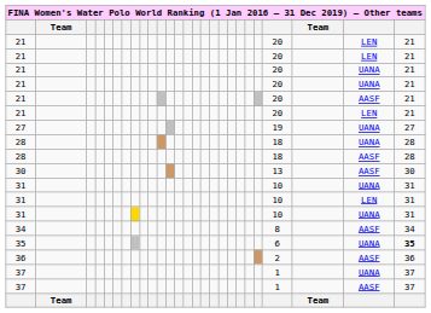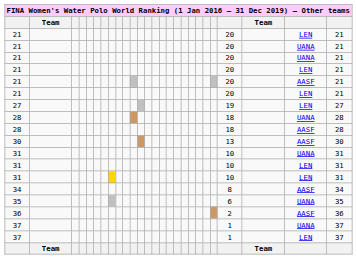 <table class="wikitable mw-collapsible autocollapse" style="text-align: center; font-size: 75%; margin-left: 1em;">
 <tr>
 <th colspan="26" style="background-color: #ffccff;">FINA Women's Water Polo World Ranking (1 Jan 2016 – 31 Dec 2019) – Other teams</th>
 </tr>
 <tr>
 <th></th>
 <th>Team</th>
 <th><a href='#'></a></th>
 <th><a href='#'></a></th>
 <th><a href='#'></a></th>
 <th><a href='#'></a></th>
 <th><a href='#'></a></th>
 <th></th>
 <th><a href='#'></a></th>
 <th><a href='#'></a></th>
 <th><a href='#'></a></th>
 <th></th>
 <th><a href='#'></a></th>
 <th><a href='#'></a></th>
 <th><a href='#'></a></th>
 <th><a href='#'></a></th>
 <th><a href='#'></a></th>
 <th><a href='#'></a></th>
 <th><a href='#'></a></th>
 <th><a href='#'></a></th>
 <th><a href='#'></a></th>
 <th><a href='#'></a></th>
 <th></th>
 <th>Team</th>
 <th></th>
 <th></th>
-</tr>
-<tr>
-<td>21</td>
-<td style="text-align: left;"></td>
-<td></td>
-<td></td>
-<td></td>
-<td></td>
-<td></td>
-<td></td>
-<td></td>
-<td></td>
-<td></td>
-<td></td>
-<td></td>
-<td></td>
-<td></td>
-<td></td>
-<td></td>
-<td></td>
-<td></td>
-<td></td>
-<td></td>
-<td></td>
-<td>20</td>
-<td style="text-align: left;"></td>
-<td><a href='#'>LEN</a></td>
-<td>21</td>
 </tr>
 <tr>
 <td>21</td>
 <td style="text-align: left;"></td>
 <td></td>
 <td></td>
 <td></td>
 <td></td>
 <td></td>
 <td></td>
 <td></td>
 <td></td>
 <td></td>
 <td></td>
 <td></td>
 <td></td>
 <td></td>
 <td></td>
 <td></td>
 <td></td>
 <td></td>
 <td></td>
 <td></td>
 <td></td>
 <td>20</td>
 <td style="text-align: left;"></td>
 <td><a href='#'>LEN</a></td>
 <td>21</td>
 </tr>
 <tr>
 <td>21</td>
 <td style="text-align: left;"></td>
 <td></td>
 <td></td>
 <td></td>
 <td></td>
 <td></td>
 <td></td>
 <td></td>
 <td></td>
 <td></td>
 <td></td>
 <td></td>
 <td></td>
 <td></td>
 <td></td>
 <td></td>
 <td></td>
 <td></td>
 <td></td>
 <td></td>
 <td></td>
 <td>20</td>
 <td style="text-align: left;"></td>
 <td><a href='#'>UANA</a></td>
 <td>21</td>
 </tr>
 <tr>
 <td>21</td>
 <td style="text-align: left;"></td>
 <td></td>
 <td></td>
 <td></td>
 <td></td>
 <td></td>
 <td></td>
 <td></td>
 <td></td>
 <td></td>
 <td></td>
 <td></td>
 <td></td>
 <td></td>
 <td></td>
 <td></td>
 <td></td>
 <td></td>
 <td></td>
 <td></td>
 <td></td>
 <td>20</td>
 <td style="text-align: left;"></td>
 <td><a href='#'>UANA</a></td>
 <td>21</td>
 </tr>
 <tr>
 <td>21</td>
 <td style="text-align: left;"></td>
 <td></td>
 <td></td>
 <td></td>
 <td></td>
 <td></td>
 <td></td>
 <td></td>
 <td></td>
+<td></td>
+<td></td>
+<td></td>
+<td></td>
+<td></td>
+<td></td>
+<td></td>
+<td></td>
+<td></td>
+<td></td>
+<td></td>
+<td></td>
+<td>20</td>
+<td style="text-align: left;"></td>
+<td><a href='#'>LEN</a></td>
+<td>21</td>
+</tr>
+<tr>
+<td>21</td>
+<td style="text-align: left;"></td>
+<td></td>
+<td></td>
+<td></td>
+<td></td>
+<td></td>
+<td></td>
+<td></td>
+<td></td>
 <td style="background-color: silver;"></td>
 <td></td>
 <td></td>
 <td></td>
 <td></td>
 <td></td>
 <td></td>
 <td></td>
 <td></td>
 <td></td>
 <td></td>
 <td style="background-color: silver;"></td>
 <td>20</td>
 <td style="text-align: left;"></td>
 <td><a href='#'>AASF</a></td>
 <td>21</td>
 </tr>
 <tr>
 <td>21</td>
 <td style="text-align: left;"></td>
 <td></td>
 <td></td>
 <td></td>
 <td></td>
 <td></td>
 <td></td>
 <td></td>
 <td></td>
 <td></td>
 <td></td>
 <td></td>
 <td></td>
 <td></td>
 <td></td>
 <td></td>
 <td></td>
 <td></td>
 <td></td>
 <td></td>
 <td></td>
 <td>20</td>
 <td style="text-align: left;"></td>
 <td><a href='#'>LEN</a></td>
 <td>21</td>
 </tr>
 <tr>
 <td>27</td>
 <td style="text-align: left;"></td>
 <td></td>
 <td></td>
 <td></td>
 <td></td>
 <td></td>
 <td></td>
 <td></td>
 <td></td>
 <td></td>
 <td style="background-color: silver;"></td>
 <td></td>
 <td></td>
 <td></td>
 <td></td>
 <td></td>
 <td></td>
 <td></td>
 <td></td>
 <td></td>
 <td></td>
 <td>19</td>
 <td style="text-align: left;"></td>
-<td><a href='#'>UANA</a></td>
+<td><a href='#'>LEN</a></td>
 <td>27</td>
 </tr>
 <tr>
 <td>28</td>
 <td style="text-align: left;"></td>
 <td></td>
 <td></td>
 <td></td>
 <td></td>
 <td></td>
 <td></td>
 <td></td>
 <td></td>
 <td style="background-color: #cc9966;"></td>
 <td></td>
 <td></td>
 <td></td>
 <td></td>
 <td></td>
 <td></td>
 <td></td>
 <td></td>
 <td></td>
 <td></td>
 <td></td>
 <td>18</td>
 <td style="text-align: left;"></td>
 <td><a href='#'>UANA</a></td>
 <td>28</td>
 </tr>
 <tr>
 <td>28</td>
 <td style="text-align: left;"></td>
 <td></td>
 <td></td>
 <td></td>
 <td></td>
 <td></td>
 <td></td>
 <td></td>
 <td></td>
 <td></td>
 <td></td>
 <td></td>
 <td></td>
 <td></td>
 <td></td>
 <td></td>
 <td></td>
 <td></td>
 <td></td>
 <td></td>
 <td></td>
 <td>18</td>
 <td style="text-align: left;"></td>
 <td><a href='#'>AASF</a></td>
 <td>28</td>
 </tr>
 <tr>
 <td>30</td>
 <td style="text-align: left;"></td>
 <td></td>
 <td></td>
 <td></td>
 <td></td>
 <td></td>
 <td></td>
 <td></td>
 <td></td>
 <td></td>
 <td style="background-color: #cc9966;"></td>
 <td></td>
 <td></td>
 <td></td>
 <td></td>
 <td></td>
 <td></td>
 <td></td>
 <td></td>
 <td></td>
 <td></td>
 <td>13</td>
 <td style="text-align: left;"></td>
 <td><a href='#'>AASF</a></td>
 <td>30</td>
 </tr>
 <tr>
 <td>31</td>
 <td style="text-align: left;"></td>
 <td></td>
 <td></td>
 <td></td>
 <td></td>
 <td></td>
 <td></td>
 <td></td>
 <td></td>
 <td></td>
 <td></td>
 <td></td>
 <td></td>
 <td></td>
 <td></td>
 <td></td>
 <td></td>
 <td></td>
 <td></td>
 <td></td>
 <td></td>
 <td>10</td>
 <td style="text-align: left;"></td>
 <td><a href='#'>UANA</a></td>
 <td>31</td>
 </tr>
 <tr>
 <td>31</td>
 <td style="text-align: left;"></td>
 <td></td>
 <td></td>
 <td></td>
 <td></td>
 <td></td>
 <td></td>
 <td></td>
 <td></td>
 <td></td>
 <td></td>
 <td></td>
 <td></td>
 <td></td>
 <td></td>
 <td></td>
 <td></td>
 <td></td>
 <td></td>
 <td></td>
 <td></td>
 <td>10</td>
 <td style="text-align: left;"></td>
 <td><a href='#'>LEN</a></td>
 <td>31</td>
 </tr>
 <tr>
 <td>31</td>
 <td style="text-align: left;"></td>
 <td></td>
 <td></td>
 <td></td>
 <td></td>
 <td></td>
 <td style="background-color: gold;"></td>
 <td></td>
 <td></td>
 <td></td>
 <td></td>
 <td></td>
 <td></td>
 <td></td>
 <td></td>
 <td></td>
 <td></td>
 <td></td>
 <td></td>
 <td></td>
 <td></td>
 <td>10</td>
 <td style="text-align: left;"></td>
-<td><a href='#'>UANA</a></td>
+<td><a href='#'>LEN</a></td>
 <td>31</td>
 </tr>
 <tr>
 <td>34</td>
 <td style="text-align: left;"></td>
 <td></td>
 <td></td>
 <td></td>
 <td></td>
 <td></td>
 <td></td>
 <td></td>
 <td></td>
 <td></td>
 <td></td>
 <td></td>
 <td></td>
 <td></td>
 <td></td>
 <td></td>
 <td></td>
 <td></td>
 <td></td>
 <td></td>
 <td></td>
 <td>8</td>
 <td style="text-align: left;"></td>
 <td><a href='#'>AASF</a></td>
 <td>34</td>
 </tr>
 <tr>
 <td>35</td>
 <td style="text-align: left;"></td>
 <td></td>
 <td></td>
 <td></td>
 <td></td>
 <td></td>
 <td style="background-color: silver;"></td>
 <td></td>
 <td></td>
 <td></td>
 <td></td>
 <td></td>
 <td></td>
 <td></td>
 <td></td>
 <td></td>
 <td></td>
 <td></td>
 <td></td>
 <td></td>
 <td></td>
 <td>6</td>
 <td style="text-align: left;"></td>
 <td><a href='#'>UANA</a></td>
-<td><strong>35</strong></td>
+<td>35</td>
 </tr>
 <tr>
 <td>36</td>
 <td style="text-align: left;"></td>
 <td></td>
 <td></td>
 <td></td>
 <td></td>
 <td></td>
 <td></td>
 <td></td>
 <td></td>
 <td></td>
 <td></td>
 <td></td>
 <td></td>
 <td></td>
 <td></td>
 <td></td>
 <td></td>
 <td></td>
 <td></td>
 <td></td>
 <td style="background-color: #cc9966;"></td>
 <td>2</td>
 <td style="text-align: left;"></td>
 <td><a href='#'>AASF</a></td>
 <td>36</td>
 </tr>
 <tr>
 <td>37</td>
 <td style="text-align: left;"></td>
 <td></td>
 <td></td>
 <td></td>
 <td></td>
 <td></td>
 <td></td>
 <td></td>
 <td></td>
 <td></td>
 <td></td>
 <td></td>
 <td></td>
 <td></td>
 <td></td>
 <td></td>
 <td></td>
 <td></td>
 <td></td>
 <td></td>
 <td></td>
 <td>1</td>
 <td style="text-align: left;"></td>
 <td><a href='#'>UANA</a></td>
 <td>37</td>
 </tr>
 <tr>
 <td>37</td>
 <td style="text-align: left;"></td>
 <td></td>
 <td></td>
 <td></td>
 <td></td>
 <td></td>
 <td></td>
 <td></td>
 <td></td>
 <td></td>
 <td></td>
 <td></td>
 <td></td>
 <td></td>
 <td></td>
 <td></td>
 <td></td>
 <td></td>
 <td></td>
 <td></td>
 <td></td>
 <td>1</td>
 <td style="text-align: left;"></td>
-<td><a href='#'>AASF</a></td>
+<td><a href='#'>LEN</a></td>
 <td>37</td>
 </tr>
 <tr>
 <th></th>
 <th>Team</th>
 <th><a href='#'></a></th>
 <th><a href='#'></a></th>
 <th><a href='#'></a></th>
 <th><a href='#'></a></th>
 <th><a href='#'></a></th>
 <th></th>
 <th><a href='#'></a></th>
 <th><a href='#'></a></th>
 <th><a href='#'></a></th>
 <th></th>
 <th><a href='#'></a></th>
 <th><a href='#'></a></th>
 <th><a href='#'></a></th>
 <th><a href='#'></a></th>
 <th><a href='#'></a></th>
 <th><a href='#'></a></th>
 <th><a href='#'></a></th>
 <th><a href='#'></a></th>
 <th><a href='#'></a></th>
 <th><a href='#'></a></th>
 <th></th>
 <th>Team</th>
 <th></th>
 <th></th>
 </tr>
 </table>
